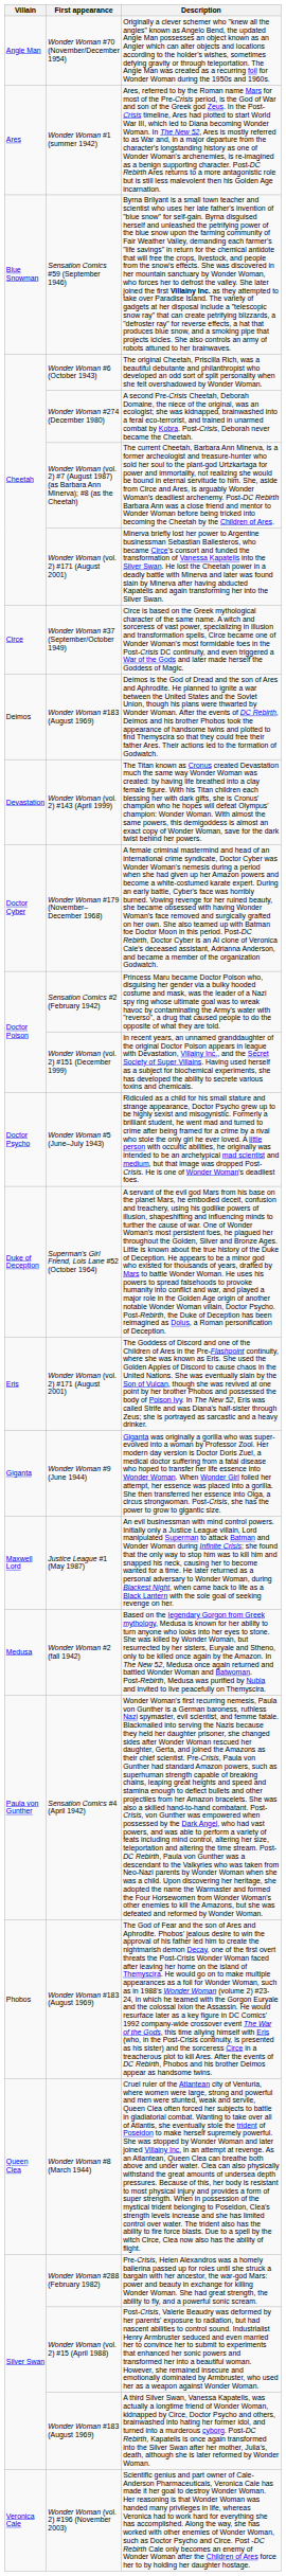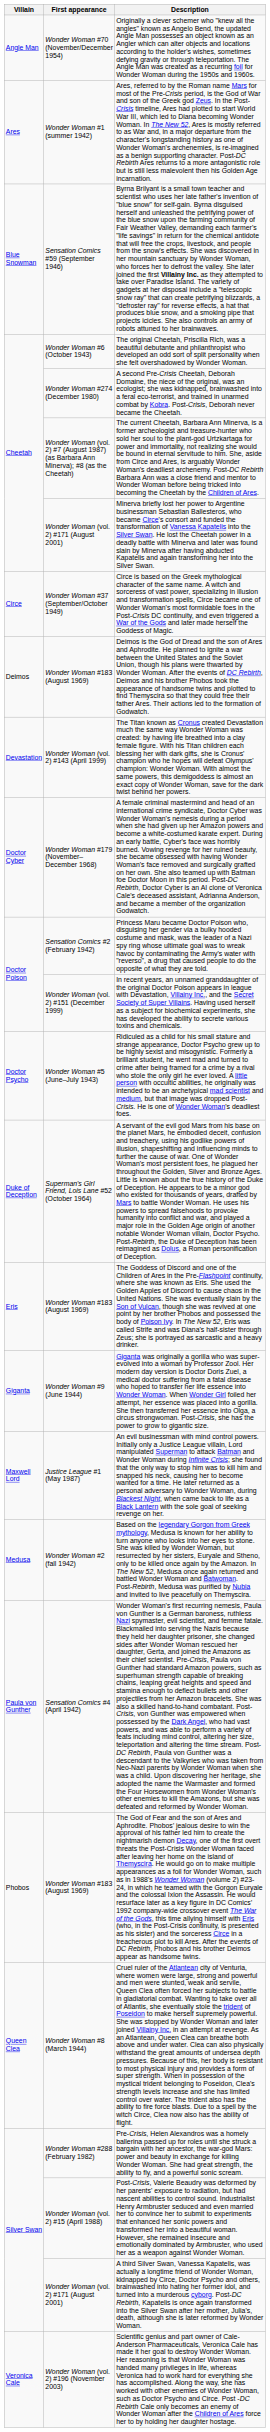 <table class="wikitable">
 <tr>
 <th width="13%">Villain</th>
 <th width="20%">First appearance</th>
 <th width="67%">Description</th>
 </tr>
 <tr>
 <td><a href='#'>Angle Man</a></td>
 <td><em>Wonder Woman</em> #70 (November/December 1954)</td>
 <td>Originally a clever schemer who "knew all the angles" known as Angelo Bend, the updated Angle Man possesses an object known as an Angler which can alter objects and locations according to the holder's wishes, sometimes defying gravity or through teleportation. The Angle Man was created as a recurring <a href='#'>foil</a> for Wonder Woman during the 1950s and 1960s.</td>
 </tr>
 <tr>
 <td><a href='#'>Ares</a></td>
 <td><em>Wonder Woman</em> #1 (summer 1942)</td>
 <td>Ares, referred to by the Roman name <a href='#'>Mars</a> for most of the Pre-<em>Crisis</em> period, is the God of War and son of the Greek god <a href='#'>Zeus</a>. In the Post-<em><a href='#'>Crisis</a></em> timeline, Ares had plotted to start World War III, which led to Diana becoming Wonder Woman. In <em><a href='#'>The New 52</a></em>, Ares is mostly referred to as War and, in a major departure from the character's longstanding history as one of Wonder Woman's archenemies, is re-imagined as a benign supporting character. Post-<em>DC Rebirth</em> Ares returns to a more antagonistic role but is still less malevolent then his Golden Age incarnation.</td>
 </tr>
 <tr>
 <td><a href='#'>Blue Snowman</a></td>
 <td><em>Sensation Comics</em> #59 (September 1946)</td>
 <td>Byrna Brilyant is a small town teacher and scientist who uses her late father's invention of "blue snow" for self-gain. Byrna disguised herself and unleashed the petrifying power of the blue snow upon the farming community of Fair Weather Valley, demanding each farmer's "life savings" in return for the chemical antidote that will free the crops, livestock, and people from the snow's effects. She was discovered in her mountain sanctuary by Wonder Woman, who forces her to defrost the valley. She later joined the first <strong>Villainy Inc.</strong> as they attempted to take over Paradise Island. The variety of gadgets at her disposal include a "telescopic snow ray" that can create petrifying blizzards, a "defroster ray" for reverse effects, a hat that produces blue snow, and a smoking pipe that projects icicles. She also controls an army of robots attuned to her brainwaves.</td>
 </tr>
 <tr>
 <td rowspan=4><a href='#'>Cheetah</a></td>
 <td><em>Wonder Woman</em> #6 (October 1943)</td>
 <td>The original Cheetah, Priscilla Rich, was a beautiful debutante and philanthropist who developed an odd sort of split personality when she felt overshadowed by Wonder Woman.</td>
 </tr>
 <tr>
 <td><em>Wonder Woman</em> #274 (December 1980)</td>
 <td>A second Pre-<em>Crisis</em> Cheetah, Deborah Domaine, the niece of the original, was an ecologist; she was kidnapped, brainwashed into a feral eco-terrorist, and trained in unarmed combat by <a href='#'>Kobra</a>. Post-<em>Crisis</em>, Deborah never became the Cheetah.</td>
 </tr>
 <tr>
 <td><em>Wonder Woman</em> (vol. 2) #7 (August 1987) (as Barbara Ann Minerva); #8 (as the Cheetah)</td>
 <td>The current Cheetah, Barbara Ann Minerva, is a former archeologist and treasure-hunter who sold her soul to the plant-god Urtzkartaga for power and immortality, not realizing she would be bound in eternal servitude to him. She, aside from Circe and Ares, is arguably Wonder Woman's deadliest archenemy. Post-<em>DC Rebirth</em> Barbara Ann was a close friend and mentor to Wonder Woman before being tricked into becoming the Cheetah by the <a href='#'>Children of Ares</a>.</td>
 </tr>
 <tr>
 <td><em>Wonder Woman</em> (vol. 2) #171 (August 2001)</td>
 <td>Minerva briefly lost her power to Argentine businessman Sebastian Ballesteros, who became <a href='#'>Circe</a>'s consort and funded the transformation of <a href='#'>Vanessa Kapatelis</a> into the <a href='#'>Silver Swan</a>. He lost the Cheetah power in a deadly battle with Minerva and later was found slain by Minerva after having abducted Kapatelis and again transforming her into the Silver Swan.</td>
 </tr>
 <tr>
 <td><a href='#'>Circe</a></td>
 <td><em>Wonder Woman</em> #37 (September/October 1949)</td>
 <td>Circe is based on the Greek mythological character of the same name. A witch and sorceress of vast power, specializing in illusion and transformation spells, Circe became one of Wonder Woman's most formidable foes in the Post-<em>Crisis</em> DC continuity, and even triggered a <a href='#'>War of the Gods</a> and later made herself the Goddess of Magic.</td>
 </tr>
 <tr>
 <td>Deimos</td>
 <td><em>Wonder Woman</em> #183 (August 1969)</td>
 <td>Deimos is the God of Dread and the son of Ares and Aphrodite. He planned to ignite a war between the United States and the Soviet Union, though his plans were thwarted by Wonder Woman. After the events of <em><a href='#'>DC Rebirth</a></em>, Deimos and his brother Phobos took the appearance of handsome twins and plotted to find Themyscira so that they could free their father Ares. Their actions led to the formation of Godwatch.</td>
 </tr>
 <tr>
 <td><a href='#'>Devastation</a></td>
 <td><em>Wonder Woman</em> (vol. 2) #143 (April 1999)</td>
 <td>The Titan known as <a href='#'>Cronus</a> created Devastation much the same way Wonder Woman was created: by having life breathed into a clay female figure. With his Titan children each blessing her with dark gifts, she is Cronus' champion who he hopes will defeat Olympus' champion: Wonder Woman. With almost the same powers, this demigoddess is almost an exact copy of Wonder Woman, save for the dark twist behind her powers.</td>
 </tr>
 <tr>
 <td><a href='#'>Doctor Cyber</a></td>
 <td><em>Wonder Woman</em> #179 (November–December 1968)</td>
 <td>A female criminal mastermind and head of an international crime syndicate, Doctor Cyber was Wonder Woman's nemesis during a period when she had given up her Amazon powers and become a white-costumed karate expert. During an early battle, Cyber's face was horribly burned. Vowing revenge for her ruined beauty, she became obsessed with having Wonder Woman's face removed and surgically grafted on her own. She also teamed up with Batman foe Doctor Moon in this period. Post-<em>DC Rebirth</em>, Doctor Cyber is an AI clone of Veronica Cale's deceased assistant, Adrianna Anderson, and became a member of the organization Godwatch.</td>
 </tr>
 <tr>
 <td Rowspan=2><a href='#'>Doctor Poison</a></td>
 <td><em>Sensation Comics</em> #2 (February 1942)</td>
 <td>Princess Maru became Doctor Poison who, disguising her gender via a bulky hooded costume and mask, was the leader of a Nazi spy ring whose ultimate goal was to wreak havoc by contaminating the Army's water with "reverso", a drug that caused people to do the opposite of what they are told.</td>
 </tr>
 <tr>
 <td><em>Wonder Woman</em> (vol. 2) #151 (December 1999)</td>
 <td>In recent years, an unnamed granddaughter of the original Doctor Poison appears in league with Devastation, <a href='#'>Villainy Inc.</a>, and the <a href='#'>Secret Society of Super Villains</a>. Having used herself as a subject for biochemical experiments, she has developed the ability to secrete various toxins and chemicals.</td>
 </tr>
 <tr>
 <td><a href='#'>Doctor Psycho</a></td>
 <td><em>Wonder Woman</em> #5 (June–July 1943)</td>
 <td>Ridiculed as a child for his small stature and strange appearance, Doctor Psycho grew up to be highly sexist and misogynistic. Formerly a brilliant student, he went mad and turned to crime after being framed for a crime by a rival who stole the only girl he ever loved. A <a href='#'>little person</a> with occultic abilities, he originally was intended to be an archetypical <a href='#'>mad scientist</a> and <a href='#'>medium</a>, but that image was dropped Post-<em>Crisis</em>. He is one of <a href='#'>Wonder Woman</a>'s deadliest foes.</td>
 </tr>
 <tr>
 <td><a href='#'>Duke of Deception</a></td>
 <td><em>Superman's Girl Friend, Lois Lane</em> #52 (October 1964)</td>
 <td>A servant of the evil god Mars from his base on the planet Mars, he embodied deceit, confusion and treachery, using his godlike powers of illusion, shapeshifting and influencing minds to further the cause of war. One of Wonder Woman's most persistent foes, he plagued her throughout the Golden, Silver and Bronze Ages. Little is known about the true history of the Duke of Deception. He appears to be a minor god who existed for thousands of years, drafted by <a href='#'>Mars</a> to battle Wonder Woman. He uses his powers to spread falsehoods to provoke humanity into conflict and war, and played a major role in the Golden Age origin of another notable Wonder Woman villain, Doctor Psycho.<br>Post-<em>Rebirth</em>, the Duke of Deception has been reimagined as <a href='#'>Dolus</a>, a Roman personification of Deception.</td>
 </tr>
 <tr>
 <td><a href='#'>Eris</a></td>
-<td><em>Wonder Woman</em> (vol. 2) #171 (August 2001)</td>
+<td><em>Wonder Woman</em> #183 (August 1969)</td>
 <td>The Goddess of Discord and one of the Children of Ares in the Pre-<em><a href='#'>Flashpoint</a></em> continuity, where she was known as Eris. She used the Golden Apples of Discord to cause chaos in the United Nations. She was eventually slain by the <a href='#'>Son of Vulcan</a>, though she was revived at one point by her brother Phobos and possessed the body of <a href='#'>Poison Ivy</a>. In <em>The New 52</em>, Eris was called Strife and was Diana's half-sister through Zeus; she is portrayed as sarcastic and a heavy drinker.</td>
 </tr>
 <tr>
 <td><a href='#'>Giganta</a></td>
 <td><em>Wonder Woman</em> #9 (June 1944)</td>
 <td><a href='#'>Giganta</a> was originally a gorilla who was super-evolved into a woman by Professor Zool. Her modern day version is Doctor Doris Zuel, a medical doctor suffering from a fatal disease who hoped to transfer her life essence into <a href='#'>Wonder Woman</a>. When <a href='#'>Wonder Girl</a> foiled her attempt, her essence was placed into a gorilla. She then transferred her essence into Olga, a circus strongwoman. Post-<em>Crisis</em>, she has the power to grow to gigantic size.</td>
 </tr>
 <tr>
 <td><a href='#'>Maxwell Lord</a></td>
 <td><em>Justice League</em> #1 (May 1987)</td>
 <td>An evil businessman with mind control powers. Initially only a Justice League villain, Lord manipulated <a href='#'>Superman</a> to attack <a href='#'>Batman</a> and Wonder Woman during <em><a href='#'>Infinite Crisis</a></em>; she found that the only way to stop him was to kill him and snapped his neck, causing her to become wanted for a time. He later returned as a personal adversary to Wonder Woman, during <em><a href='#'>Blackest Night</a></em>, when came back to life as a <a href='#'>Black Lantern</a> with the sole goal of seeking revenge on her.</td>
 </tr>
 <tr>
 <td><a href='#'>Medusa</a></td>
 <td><em>Wonder Woman</em> #2 (fall 1942)</td>
 <td>Based on the <a href='#'>legendary Gorgon from Greek mythology</a>, Medusa is known for her ability to turn anyone who looks into her eyes to stone. She was killed by Wonder Woman, but resurrected by her sisters, Euryale and Stheno, only to be killed once again by the Amazon. In <em>The New 52</em>, Medusa once again returned and battled Wonder Woman and <a href='#'>Batwoman</a>.<br>Post-<em>Rebirth</em>, Medusa was purified by <a href='#'>Nubia</a> and invited to live peacefully on Themyscira.</td>
 </tr>
 <tr>
 <td><a href='#'>Paula von Gunther</a></td>
 <td><em>Sensation Comics</em> #4 (April 1942)</td>
 <td>Wonder Woman's first recurring nemesis, Paula von Gunther is a German baroness, ruthless <a href='#'>Nazi</a> spymaster, evil scientist, and femme fatale. Blackmailed into serving the Nazis because they held her daughter prisoner, she changed sides after Wonder Woman rescued her daughter, Gerta, and joined the Amazons as their chief scientist. Pre-<em>Crisis</em>, Paula von Gunther had standard Amazon powers, such as superhuman strength capable of breaking chains, leaping great heights and speed and stamina enough to deflect bullets and other projectiles from her Amazon bracelets. She was also a skilled hand-to-hand combatant. Post-<em>Crisis</em>, von Gunther was empowered when possessed by the <a href='#'>Dark Angel</a>, who had vast powers, and was able to perform a variety of feats including mind control, altering her size, teleportation and altering the time stream. Post-<em>DC Rebirth</em>, Paula von Gunther was a descendant to the Valkyries who was taken from Neo-Nazi parents by Wonder Woman when she was a child. Upon discovering her heritage, she adopted the name the Warmaster and formed the Four Horsewomen from Wonder Woman's other enemies to kill the Amazons, but she was defeated and reformed by Wonder Woman.</td>
 </tr>
 <tr>
 <td>Phobos</td>
 <td><em>Wonder Woman</em> #183 (August 1969)</td>
 <td>The God of Fear and the son of Ares and Aphrodite. Phobos’ jealous desire to win the approval of his father led him to create the nightmarish demon <a href='#'>Decay</a>, one of the first overt threats the Post-Crisis Wonder Woman faced after leaving her home on the island of <a href='#'>Themyscira</a>. He would go on to make multiple appearances as a foil for Wonder Woman, such as in 1988's <em><a href='#'>Wonder Woman</a></em> (volume 2) #23-24, in which he teamed with the Gorgon Euryale and the colossal Ixion the Assassin. He would resurface later as a key figure in DC Comics’ 1992 company-wide crossover event <em><a href='#'>The War of the Gods</a></em>, this time allying himself with <a href='#'>Eris</a> (who, in the Post-Crisis continuity, is presented as his sister) and the sorceress <a href='#'>Circe</a> in a treacherous plot to kill Ares. After the events of <em>DC Rebirth</em>, Phobos and his brother Deimos appear as handsome twins.</td>
 </tr>
 <tr>
 <td><a href='#'>Queen Clea</a></td>
 <td><em>Wonder Woman</em> #8 (March 1944)</td>
 <td>Cruel ruler of the <a href='#'>Atlantean</a> city of Venturia, where women were large, strong and powerful and men were stunted, weak and servile, Queen Clea often forced her subjects to battle in gladiatorial combat. Wanting to take over all of Atlantis, she eventually stole the <a href='#'>trident</a> of <a href='#'>Poseidon</a> to make herself supremely powerful. She was stopped by Wonder Woman and later joined <a href='#'>Villainy Inc.</a> in an attempt at revenge. As an Atlantean, Queen Clea can breathe both above and under water. Clea can also physically withstand the great amounts of undersea depth pressures. Because of this, her body is resistant to most physical injury and provides a form of super strength. When in possession of the mystical trident belonging to Poseidon, Clea's strength levels increase and she has limited control over water. The trident also has the ability to fire force blasts. Due to a spell by the witch Circe, Clea now also has the ability of flight.</td>
 </tr>
 <tr>
 <td rowspan=3><a href='#'>Silver Swan</a></td>
 <td><em>Wonder Woman</em> #288 (February 1982)</td>
 <td>Pre-<em>Crisis</em>, Helen Alexandros was a homely ballerina passed up for roles until she struck a bargain with her ancestor, the war-god Mars: power and beauty in exchange for killing Wonder Woman. She had great strength, the ability to fly, and a powerful sonic scream.</td>
 </tr>
 <tr>
 <td><em>Wonder Woman</em> (vol. 2) #15 (April 1988)</td>
 <td>Post-<em>Crisis</em>, Valerie Beaudry was deformed by her parents' exposure to radiation, but had nascent abilities to control sound. Industrialist Henry Armbruster seduced and even married her to convince her to submit to experiments that enhanced her sonic powers and transformed her into a beautiful woman. However, she remained insecure and emotionally dominated by Armbruster, who used her as a weapon against Wonder Woman.</td>
 </tr>
 <tr>
-<td><em>Wonder Woman</em> #183 (August 1969)</td>
+<td><em>Wonder Woman</em> (vol. 2) #171 (August 2001)</td>
 <td>A third Silver Swan, Vanessa Kapatelis, was actually a longtime friend of Wonder Woman, kidnapped by Circe, Doctor Psycho and others, brainwashed into hating her former idol, and turned into a murderous <a href='#'>cyborg</a>. Post-<em>DC Rebirth</em>, Kapatelis is once again transformed into the Silver Swan after her mother, Julia's, death, although she is later reformed by Wonder Woman.</td>
 </tr>
 <tr>
 <td><a href='#'>Veronica Cale</a></td>
 <td><em>Wonder Woman</em> (vol. 2) #196 (November 2003)</td>
 <td>Scientific genius and part owner of Cale-Anderson Pharmaceuticals, Veronica Cale has made it her goal to destroy Wonder Woman. Her reasoning is that Wonder Woman was handed many privileges in life, whereas Veronica had to work hard for everything she has accomplished. Along the way, she has worked with other enemies of Wonder Woman, such as Doctor Psycho and Circe. Post -<em>DC Rebirth</em> Cale only becomes an enemy of Wonder Woman after the <a href='#'>Children of Ares</a> force her to by holding her daughter hostage.</td>
 </tr>
 </table>
